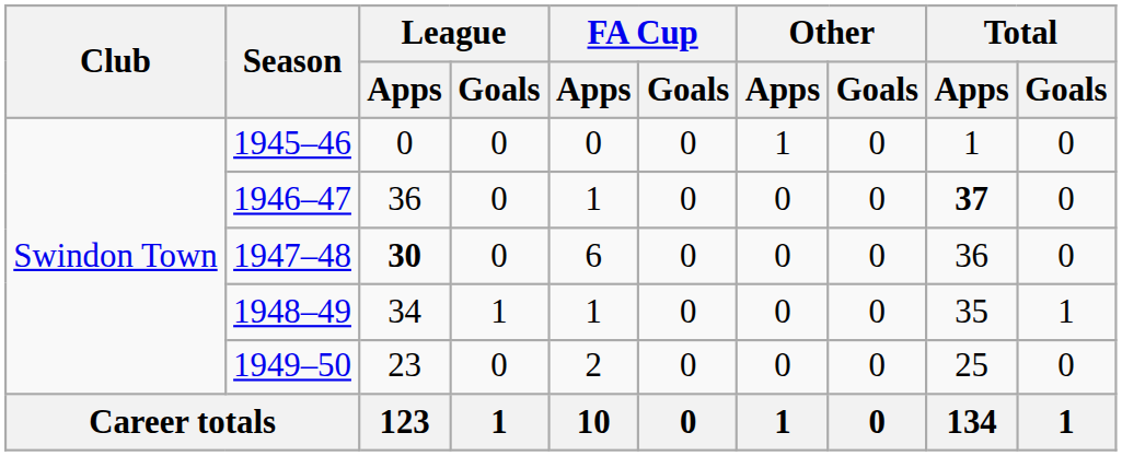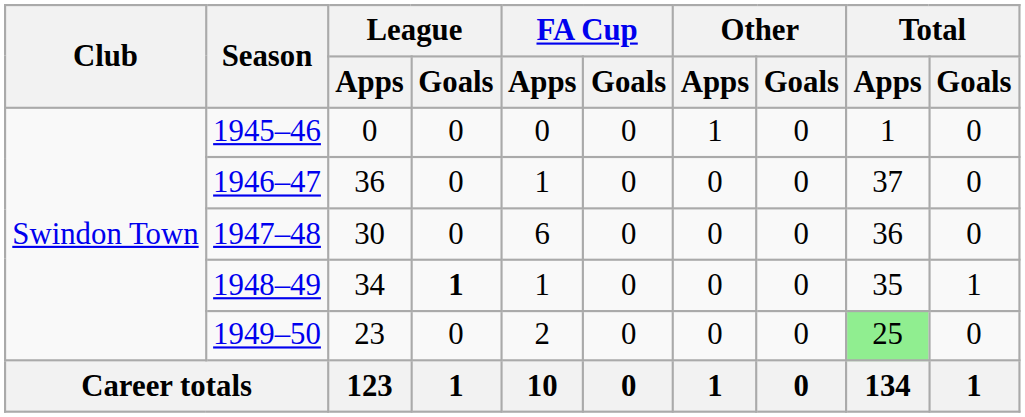 <table align=center class="wikitable" style="font-size:90%; text-align:center;">
 <tr>
 <th rowspan="2">Club</th>
 <th rowspan="2">Season</th>
 <th colspan="2">League</th>
 <th colspan="2"><a href='#'>FA Cup</a></th>
 <th colspan="2">Other</th>
 <th colspan="2">Total</th>
 </tr>
 <tr>
 <th>Apps</th>
 <th>Goals</th>
 <th>Apps</th>
 <th>Goals</th>
 <th>Apps</th>
 <th>Goals</th>
 <th>Apps</th>
 <th>Goals</th>
 </tr>
 <tr>
 <td rowspan="5"><a href='#'>Swindon Town</a></td>
 <td><a href='#'>1945–46</a></td>
 <td>0</td>
 <td>0</td>
 <td>0</td>
 <td>0</td>
 <td>1</td>
 <td>0</td>
 <td>1</td>
 <td>0</td>
 </tr>
 <tr>
 <td><a href='#'>1946–47</a></td>
 <td>36</td>
 <td>0</td>
 <td>1</td>
 <td>0</td>
 <td>0</td>
 <td>0</td>
-<td><strong>37</strong></td>
+<td>37</td>
 <td>0</td>
 </tr>
 <tr>
 <td><a href='#'>1947–48</a></td>
-<td><strong>30</strong></td>
+<td>30</td>
 <td>0</td>
 <td>6</td>
 <td>0</td>
 <td>0</td>
 <td>0</td>
 <td>36</td>
 <td>0</td>
 </tr>
 <tr>
 <td><a href='#'>1948–49</a></td>
 <td>34</td>
-<td>1</td>
+<td><strong>1</strong></td>
 <td>1</td>
 <td>0</td>
 <td>0</td>
 <td>0</td>
 <td>35</td>
 <td>1</td>
 </tr>
 <tr>
 <td><a href='#'>1949–50</a></td>
 <td>23</td>
 <td>0</td>
 <td>2</td>
 <td>0</td>
 <td>0</td>
 <td>0</td>
-<td>25</td>
+<td style="background: lightgreen;">25</td>
 <td>0</td>
 </tr>
 <tr>
 <th colspan="2">Career totals</th>
 <th>123</th>
 <th>1</th>
 <th>10</th>
 <th>0</th>
 <th>1</th>
 <th>0</th>
 <th>134</th>
 <th>1</th>
 </tr>
 </table>
